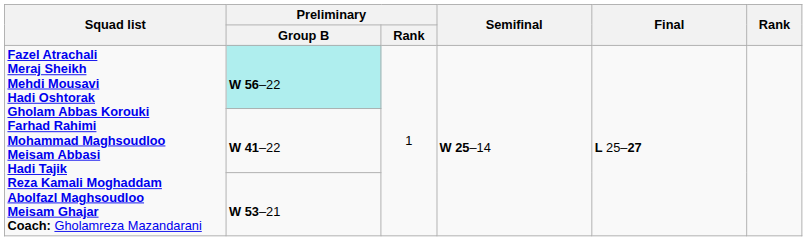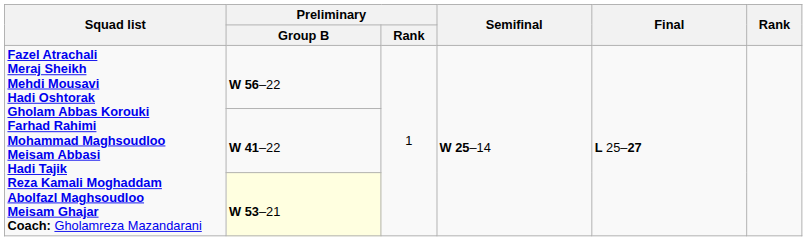 <table class="wikitable" width="71%" style="text-align:left; font-size:90%">
 <tr>
 <th rowspan="2" width="20%">Squad list</th>
 <th colspan="2">Preliminary</th>
 <th rowspan="2" width="14%">Semifinal</th>
 <th rowspan="2" width="14%">Final</th>
 <th rowspan="2" width="5%">Rank</th>
 </tr>
 <tr>
 <th width="14%">Group B</th>
 <th width="5%">Rank</th>
 </tr>
 <tr>
 <td rowspan=3><strong><a href='#'>Fazel Atrachali</a><br><a href='#'>Meraj Sheikh</a><br><a href='#'>Mehdi Mousavi</a><br><a href='#'>Hadi Oshtorak</a><br><a href='#'>Gholam Abbas Korouki</a><br><a href='#'>Farhad Rahimi</a><br><a href='#'>Mohammad Maghsoudloo</a><br><a href='#'>Meisam Abbasi</a><br><a href='#'>Hadi Tajik</a><br><a href='#'>Reza Kamali Moghaddam</a><br><a href='#'>Abolfazl Maghsoudloo</a><br><a href='#'>Meisam Ghajar</a><br>Coach:</strong> <a href='#'>Gholamreza Mazandarani</a></td>
-<td style="background: paleturquoise;"><br><strong>W</strong> <strong>56</strong>–22</td>
+<td><br><strong>W</strong> <strong>56</strong>–22</td>
 <td rowspan=3 align=center>1 <strong></strong></td>
 <td rowspan=3><br><strong>W</strong> <strong>25</strong>–14</td>
 <td rowspan=3><br><strong>L</strong> 25–<strong>27</strong></td>
 <td rowspan=3 align=center></td>
 </tr>
 <tr>
 <td><br><strong>W</strong> <strong>41</strong>–22</td>
 </tr>
 <tr>
-<td><br><strong>W</strong> <strong>53</strong>–21</td>
+<td style="background: lightyellow;"><br><strong>W</strong> <strong>53</strong>–21</td>
 </tr>
 </table>
